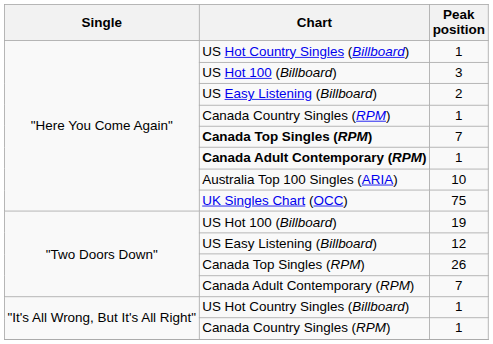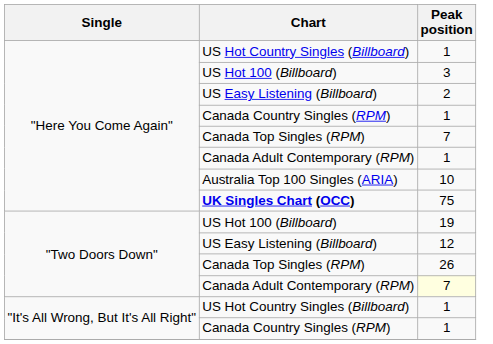 <table class="wikitable">
 <tr>
 <th align="left">Single</th>
 <th align="left">Chart</th>
 <th align="center">Peak<br>position</th>
 </tr>
 <tr>
 <td style="text-align:center;" rowspan = "8">"Here You Come Again"</td>
 <td>US <a href='#'>Hot Country Singles</a> (<em><a href='#'>Billboard</a></em>)</td>
 <td style="text-align:center;">1</td>
 </tr>
 <tr>
 <td>US <a href='#'>Hot 100</a> (<em>Billboard</em>)</td>
 <td style="text-align:center;">3</td>
 </tr>
 <tr>
 <td>US <a href='#'>Easy Listening</a> (<em>Billboard</em>)</td>
 <td style="text-align:center;">2</td>
 </tr>
 <tr>
 <td>Canada Country Singles (<em><a href='#'>RPM</a></em>)</td>
 <td style="text-align:center;">1</td>
 </tr>
 <tr>
-<td><strong>Canada Top Singles (<em>RPM</em>)</strong></td>
+<td>Canada Top Singles (<em>RPM</em>)</td>
 <td style="text-align:center;">7</td>
 </tr>
 <tr>
-<td><strong>Canada Adult Contemporary (<em>RPM</em>)</strong></td>
+<td>Canada Adult Contemporary (<em>RPM</em>)</td>
 <td style="text-align:center;">1</td>
 </tr>
 <tr>
 <td>Australia Top 100 Singles (<a href='#'>ARIA</a>)</td>
 <td style="text-align:center;">10</td>
 </tr>
 <tr>
-<td><a href='#'>UK Singles Chart</a> (<a href='#'>OCC</a>)</td>
+<td><strong><a href='#'>UK Singles Chart</a> (<a href='#'>OCC</a>)</strong></td>
 <td style="text-align:center;">75</td>
 </tr>
 <tr>
 <td style="text-align:center;" rowspan = "4">"Two Doors Down"</td>
 <td>US Hot 100 (<em>Billboard</em>)</td>
 <td style="text-align:center;">19</td>
 </tr>
 <tr>
 <td>US Easy Listening (<em>Billboard</em>)</td>
 <td style="text-align:center;">12</td>
 </tr>
 <tr>
 <td>Canada Top Singles (<em>RPM</em>)</td>
 <td style="text-align:center;">26</td>
 </tr>
 <tr>
 <td>Canada Adult Contemporary (<em>RPM</em>)</td>
-<td style="text-align:center;">7</td>
+<td style="background: lightyellow; text-align:center;">7</td>
 </tr>
 <tr>
 <td style="text-align:center;" rowspan = "2">"It's All Wrong, But It's All Right"</td>
 <td>US Hot Country Singles (<em>Billboard</em>)</td>
 <td style="text-align:center;">1</td>
 </tr>
 <tr>
 <td>Canada Country Singles (<em>RPM</em>)</td>
 <td style="text-align:center;">1</td>
 </tr>
 <tr>
 </tr>
 </table>
